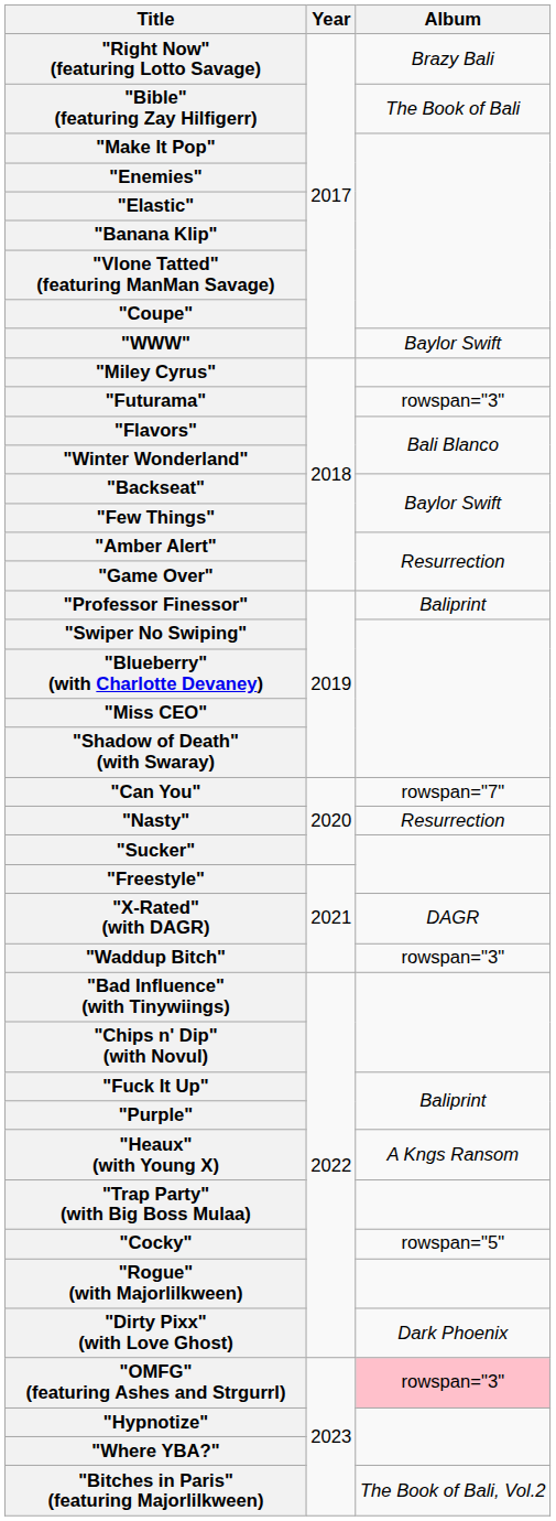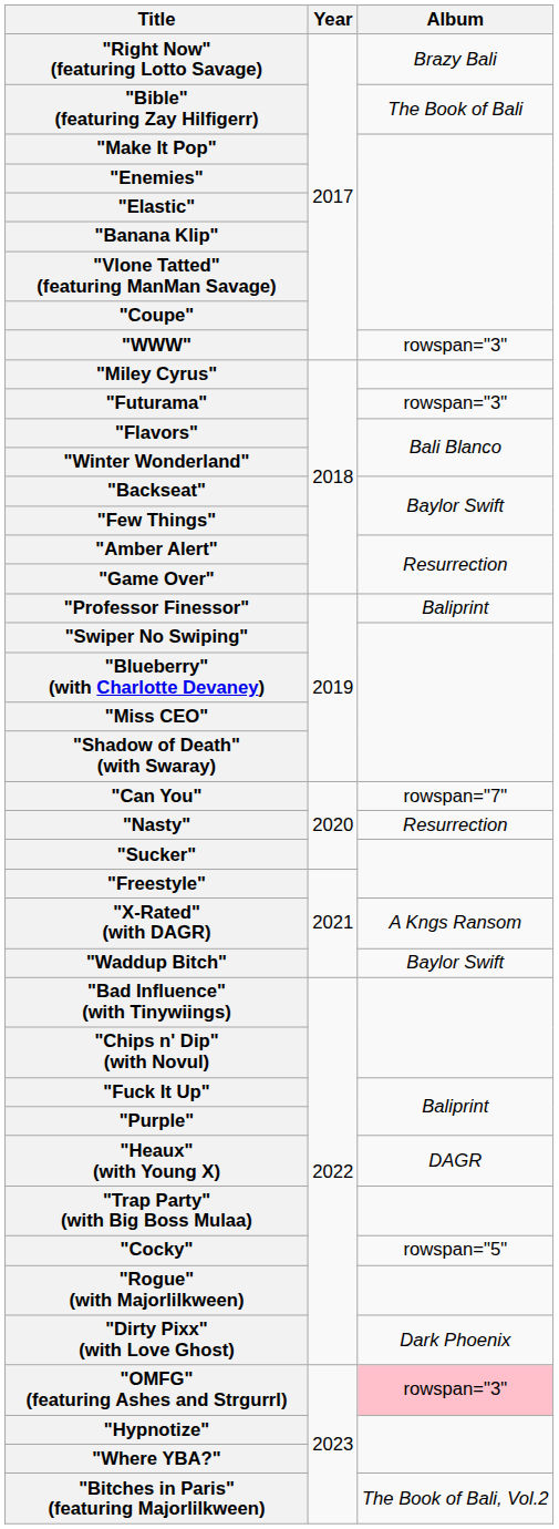 <table class="wikitable plainrowheaders" style="text-align:center;">
 <tr>
 <th scope="col" style="width:16em;">Title</th>
 <th scope="col">Year</th>
 <th scope="col">Album</th>
 </tr>
 <tr>
 <th scope="row">"Right Now"<br><span>(featuring Lotto Savage)</span></th>
 <td rowspan="9">2017</td>
 <td><em>Brazy Bali</em></td>
 </tr>
 <tr>
 <th scope="row">"Bible"<br><span>(featuring Zay Hilfigerr)</span></th>
 <td><em>The Book of Bali</em></td>
 </tr>
 <tr>
 <th scope="row">"Make It Pop"</th>
 </tr>
 <tr>
 <th scope="row">"Enemies"</th>
 </tr>
 <tr>
 <th scope="row">"Elastic"</th>
 </tr>
 <tr>
 <th scope="row">"Banana Klip"</th>
 </tr>
 <tr>
 <th scope="row">"Vlone Tatted"<br><span>(featuring ManMan Savage)</span></th>
 </tr>
 <tr>
 <th scope="row">"Coupe"</th>
 </tr>
 <tr>
 <th scope="row">"WWW"</th>
-<td><em>Baylor Swift</em></td>
+<td>rowspan="3" </td>
 </tr>
 <tr>
 <th scope="row">"Miley Cyrus"</th>
 <td rowspan="8">2018</td>
 <td></td>
 </tr>
 <tr>
 <th scope="row">"Futurama"</th>
 <td>rowspan="3" </td>
 </tr>
 <tr>
 <th scope="row">"Flavors"</th>
 <td rowspan="2"><em>Bali Blanco</em></td>
 </tr>
 <tr>
 <th scope="row">"Winter Wonderland"</th>
 </tr>
 <tr>
 <th scope="row">"Backseat"</th>
 <td rowspan="2"><em>Baylor Swift</em></td>
 </tr>
 <tr>
 <th scope="row">"Few Things"</th>
 </tr>
 <tr>
 <th scope="row">"Amber Alert"</th>
 <td rowspan="2"><em>Resurrection</em></td>
 </tr>
 <tr>
 <th scope="row">"Game Over"</th>
 </tr>
 <tr>
 <th scope="row">"Professor Finessor"</th>
 <td rowspan="5">2019</td>
 <td><em>Baliprint</em></td>
 </tr>
 <tr>
 <th scope="row">"Swiper No Swiping"</th>
 </tr>
 <tr>
 <th scope="row">"Blueberry"<br><span>(with <a href='#'>Charlotte Devaney</a>)</span></th>
 </tr>
 <tr>
 <th scope="row">"Miss CEO"</th>
 </tr>
 <tr>
 <th scope="row">"Shadow of Death"<br><span>(with Swaray)</span></th>
 </tr>
 <tr>
 <th scope="row">"Can You"</th>
 <td rowspan="3">2020</td>
 <td>rowspan="7" </td>
 </tr>
 <tr>
 <th scope="row">"Nasty"</th>
 <td><em>Resurrection</em></td>
 </tr>
 <tr>
 <th scope="row">"Sucker"</th>
 </tr>
 <tr>
 <th scope="row">"Freestyle"</th>
 <td rowspan="3">2021</td>
 </tr>
 <tr>
 <th scope="row">"X-Rated"<br><span>(with DAGR)</span></th>
-<td><em>DAGR</em></td>
+<td><em>A Kngs Ransom</em></td>
 </tr>
 <tr>
 <th scope="row">"Waddup Bitch"</th>
-<td>rowspan="3" </td>
+<td><em>Baylor Swift</em></td>
 </tr>
 <tr>
 <th scope="row">"Bad Influence"<br><span>(with Tinywiings)</span></th>
 <td rowspan="9">2022</td>
 </tr>
 <tr>
 <th scope="row">"Chips n' Dip"<br><span>(with Novul)</span></th>
 </tr>
 <tr>
 <th scope="row">"Fuck It Up"</th>
 <td rowspan="2"><em>Baliprint</em></td>
 </tr>
 <tr>
 <th scope="row">"Purple"</th>
 </tr>
 <tr>
 <th scope="row">"Heaux"<br><span>(with Young X)</span></th>
-<td><em>A Kngs Ransom</em></td>
+<td><em>DAGR</em></td>
 </tr>
 <tr>
 <th scope="row">"Trap Party"<br><span>(with Big Boss Mulaa)</span></th>
 <td></td>
 </tr>
 <tr>
 <th scope="row">"Cocky"</th>
 <td>rowspan="5" </td>
 </tr>
 <tr>
 <th scope="row">"Rogue"<br><span>(with Majorlilkween)</span></th>
 <td></td>
 </tr>
 <tr>
 <th scope="row">"Dirty Pixx"<br><span>(with Love Ghost)</span></th>
 <td><em>Dark Phoenix</em></td>
 </tr>
 <tr>
 <th scope="row">"OMFG"<br><span>(featuring Ashes and Strgurrl)</span></th>
 <td rowspan="4">2023</td>
 <td style="background: pink;">rowspan="3" </td>
 </tr>
 <tr>
 <th scope="row">"Hypnotize"</th>
 </tr>
 <tr>
 <th scope="row">"Where YBA?"</th>
 </tr>
 <tr>
 <th scope="row">"Bitches in Paris"<br><span>(featuring Majorlilkween)</span></th>
 <td><em>The Book of Bali, Vol.2</em></td>
 </tr>
 </table>
